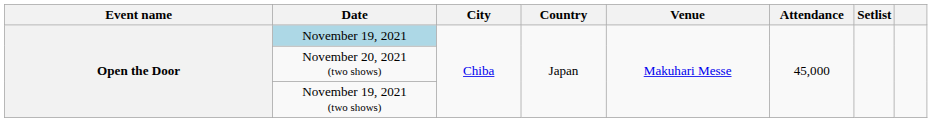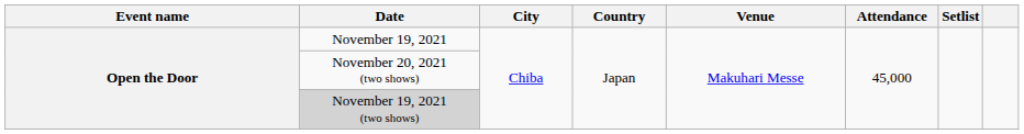 <table class="wikitable plainrowheaders" style="text-align:center;">
 <tr>
 <th scope="col" style="width:20em;">Event name</th>
 <th scope="col" style="width:12em;">Date</th>
 <th scope="col" style="width:6em;">City</th>
 <th scope="col" style="width:6em;">Country</th>
 <th scope="col" style="width:12em;">Venue</th>
 <th scope="col" style="width:6em;">Attendance</th>
 <th scope="col">Setlist</th>
 <th scope="col" style="width:2em;"></th>
 </tr>
 <tr>
 <th scope="rowgroup" rowspan="3">Open the Door</th>
-<td style="background: lightblue;">November 19, 2021</td>
+<td>November 19, 2021</td>
 <td rowspan=3><a href='#'>Chiba</a></td>
 <td rowspan=3>Japan</td>
 <td rowspan=3><a href='#'>Makuhari Messe</a></td>
 <td rowspan=3>45,000</td>
 <td rowspan=3></td>
 <td rowspan=3></td>
 </tr>
 <tr>
 <td>November 20, 2021<br> <small>(two shows)</small></td>
 </tr>
 <tr>
-<td>November 19, 2021<br> <small>(two shows)</small></td>
+<td style="background: lightgrey;">November 19, 2021<br> <small>(two shows)</small></td>
 </tr>
 </table>
